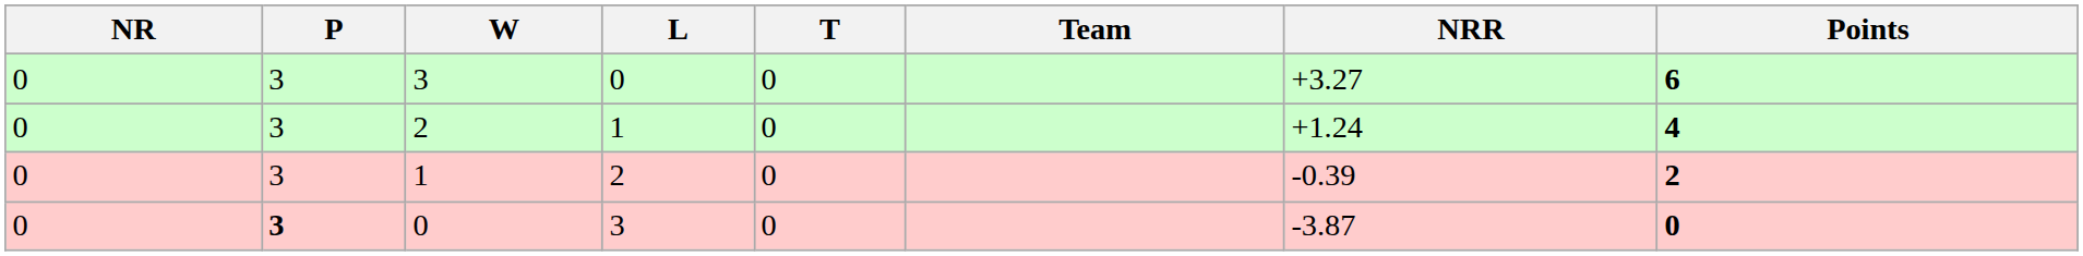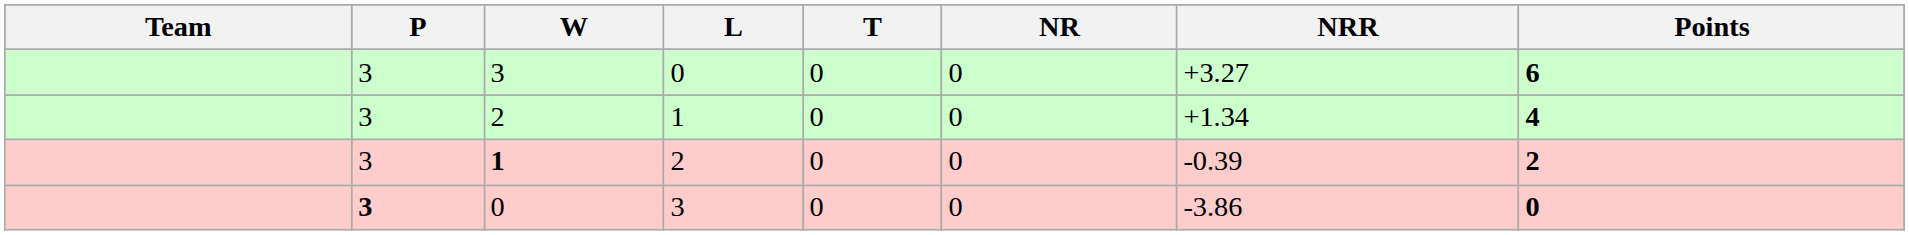 <table class="wikitable" width="85%">
 <tr>
-<th>NR</th>
+<th>Team</th>
 <th>P</th>
 <th>W</th>
 <th>L</th>
 <th>T</th>
-<th>Team</th>
+<th>NR</th>
 <th>NRR</th>
 <th>Points</th>
 </tr>
 <tr bgcolor="ccffcc">
-<td>0</td>
+<td align="left"></td>
 <td>3</td>
 <td>3</td>
 <td>0</td>
 <td>0</td>
-<td align="left"></td>
+<td>0</td>
 <td>+3.27</td>
 <td><strong>6</strong></td>
 </tr>
 <tr bgcolor="ccffcc">
-<td>0</td>
+<td align="left"></td>
 <td>3</td>
 <td>2</td>
 <td>1</td>
 <td>0</td>
-<td align="left"></td>
-<td>+1.24</td>
+<td>0</td>
+<td>+1.34</td>
 <td><strong>4</strong></td>
 </tr>
 <tr bgcolor="ffcccc">
-<td>0</td>
+<td align="left"></td>
 <td>3</td>
-<td>1</td>
+<td><strong>1</strong></td>
 <td>2</td>
 <td>0</td>
-<td align="left"></td>
+<td>0</td>
 <td>-0.39</td>
 <td><strong>2</strong></td>
 </tr>
 <tr bgcolor="ffcccc">
-<td>0</td>
+<td align="left"></td>
 <td><strong>3</strong></td>
 <td>0</td>
 <td>3</td>
 <td>0</td>
-<td align="left"></td>
-<td>-3.87</td>
+<td>0</td>
+<td>-3.86</td>
 <td><strong>0</strong></td>
 </tr>
 </table>
